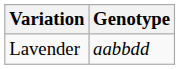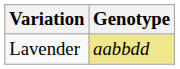 <table class="wikitable" style="margin:1em auto;">
 <tr>
 <th>Variation</th>
 <th>Genotype</th>
 </tr>
 <tr>
 <td>Lavender</td>
-<td><em>aabbdd</em></td>
+<td style="background: khaki;"><em>aabbdd</em></td>
 </tr>
 </table>
